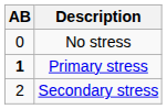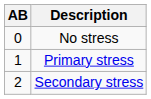 <table class="wikitable" style="display:inline-table; text-align: center; margin-right: 2em;">
 <tr>
 <th>AB</th>
 <th>Description</th>
 </tr>
 <tr>
 <td style="text-align:center">0</td>
 <td>No stress</td>
 </tr>
 <tr>
-<td style="text-align:center"><strong>1</strong></td>
+<td style="text-align:center">1</td>
 <td><a href='#'>Primary stress</a></td>
 </tr>
 <tr>
 <td style="text-align:center">2</td>
 <td><a href='#'>Secondary stress</a></td>
 </tr>
 </table>
